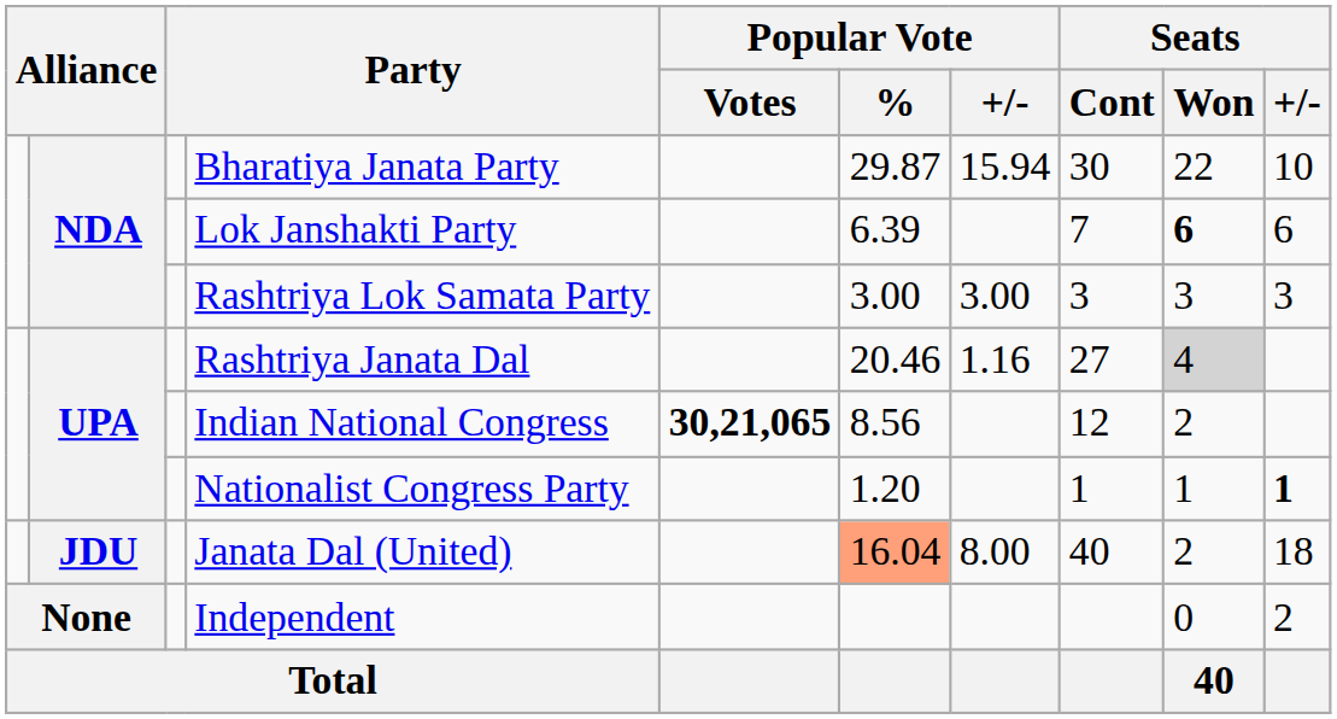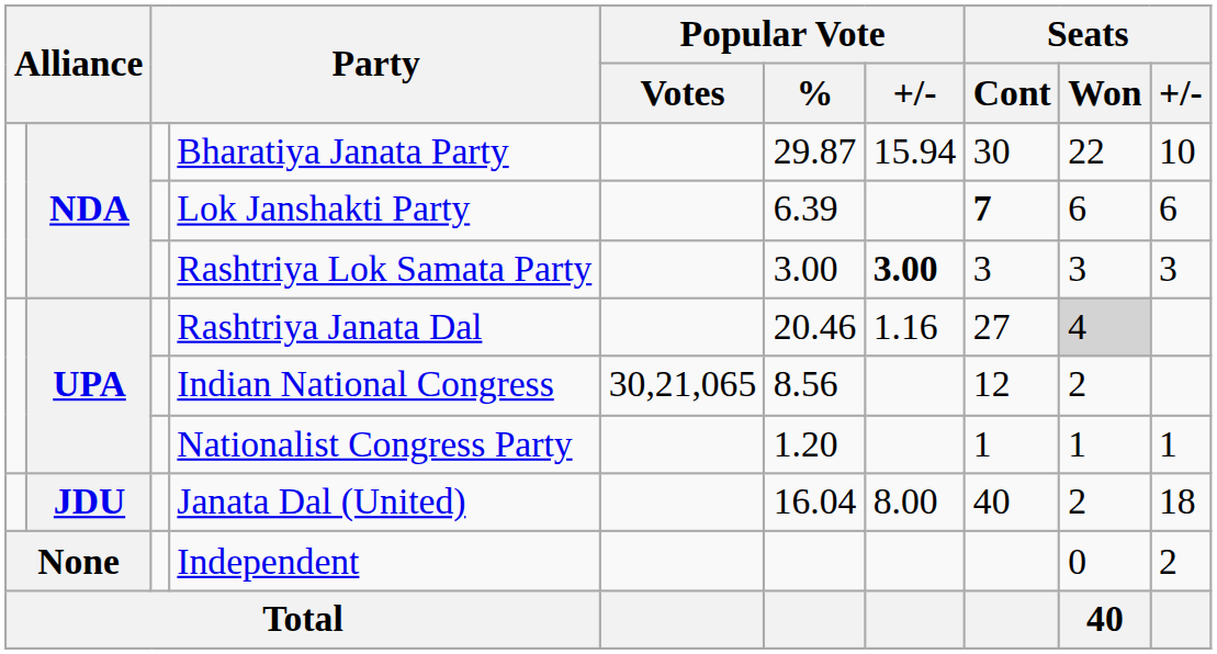 <table class="wikitable sortable">
 <tr>
 <th colspan="2" rowspan="2">Alliance</th>
 <th colspan="2" rowspan="2">Party</th>
 <th colspan="3">Popular Vote</th>
 <th colspan="3">Seats</th>
 </tr>
 <tr>
 <th>Votes</th>
 <th>%</th>
 <th>+/-</th>
 <th>Cont</th>
 <th>Won</th>
 <th>+/-</th>
 </tr>
 <tr>
 <td rowspan="3" style="background-color:"></td>
 <th rowspan="3"><a href='#'>NDA</a></th>
 <td style="background-color:"></td>
 <td><a href='#'>Bharatiya Janata Party</a></td>
 <td></td>
 <td>29.87</td>
 <td> 15.94</td>
 <td>30</td>
 <td>22</td>
 <td> 10</td>
 </tr>
 <tr>
 <td style="background-color:"></td>
 <td><a href='#'>Lok Janshakti Party</a></td>
 <td></td>
 <td>6.39</td>
 <td></td>
-<td>7</td>
-<td><strong>6</strong></td>
+<td><strong>7</strong></td>
+<td>6</td>
 <td> 6</td>
 </tr>
 <tr>
 <td style="background-color:"></td>
 <td><a href='#'>Rashtriya Lok Samata Party</a></td>
 <td></td>
 <td>3.00</td>
-<td> 3.00</td>
+<td><strong> 3.00</strong></td>
 <td>3</td>
 <td>3</td>
 <td> 3</td>
 </tr>
 <tr>
 <td rowspan="3" style="background-color:"></td>
 <th rowspan="3"><a href='#'>UPA</a></th>
 <td style="background-color:"></td>
 <td><a href='#'>Rashtriya Janata Dal</a></td>
 <td></td>
 <td>20.46</td>
 <td> 1.16</td>
 <td>27</td>
 <td style="background: lightgrey;">4</td>
 <td></td>
 </tr>
 <tr>
 <td style="background-color:"></td>
 <td><a href='#'>Indian National Congress</a></td>
-<td><strong>30,21,065</strong></td>
+<td>30,21,065</td>
 <td>8.56</td>
 <td></td>
 <td>12</td>
 <td>2</td>
 <td></td>
 </tr>
 <tr>
 <td style="background-color:"></td>
 <td><a href='#'>Nationalist Congress Party</a></td>
 <td></td>
 <td>1.20</td>
 <td></td>
 <td>1</td>
 <td>1</td>
-<td><strong> 1</strong></td>
+<td> 1</td>
 </tr>
 <tr>
 <td style="background-color:"></td>
 <th><a href='#'>JDU</a></th>
 <td style="background-color:"></td>
 <td><a href='#'>Janata Dal (United)</a></td>
 <td></td>
-<td style="background: lightsalmon;">16.04</td>
+<td>16.04</td>
 <td> 8.00</td>
 <td>40</td>
 <td>2</td>
 <td> 18</td>
 </tr>
 <tr>
 <th colspan="2">None</th>
 <td style="background-color:"></td>
 <td><a href='#'>Independent</a></td>
 <td></td>
 <td></td>
 <td></td>
 <td></td>
 <td>0</td>
 <td> 2</td>
 </tr>
 <tr>
 <th colspan="4">Total</th>
 <th></th>
 <th></th>
 <th></th>
 <th></th>
 <th>40</th>
 <th></th>
 </tr>
 </table>
